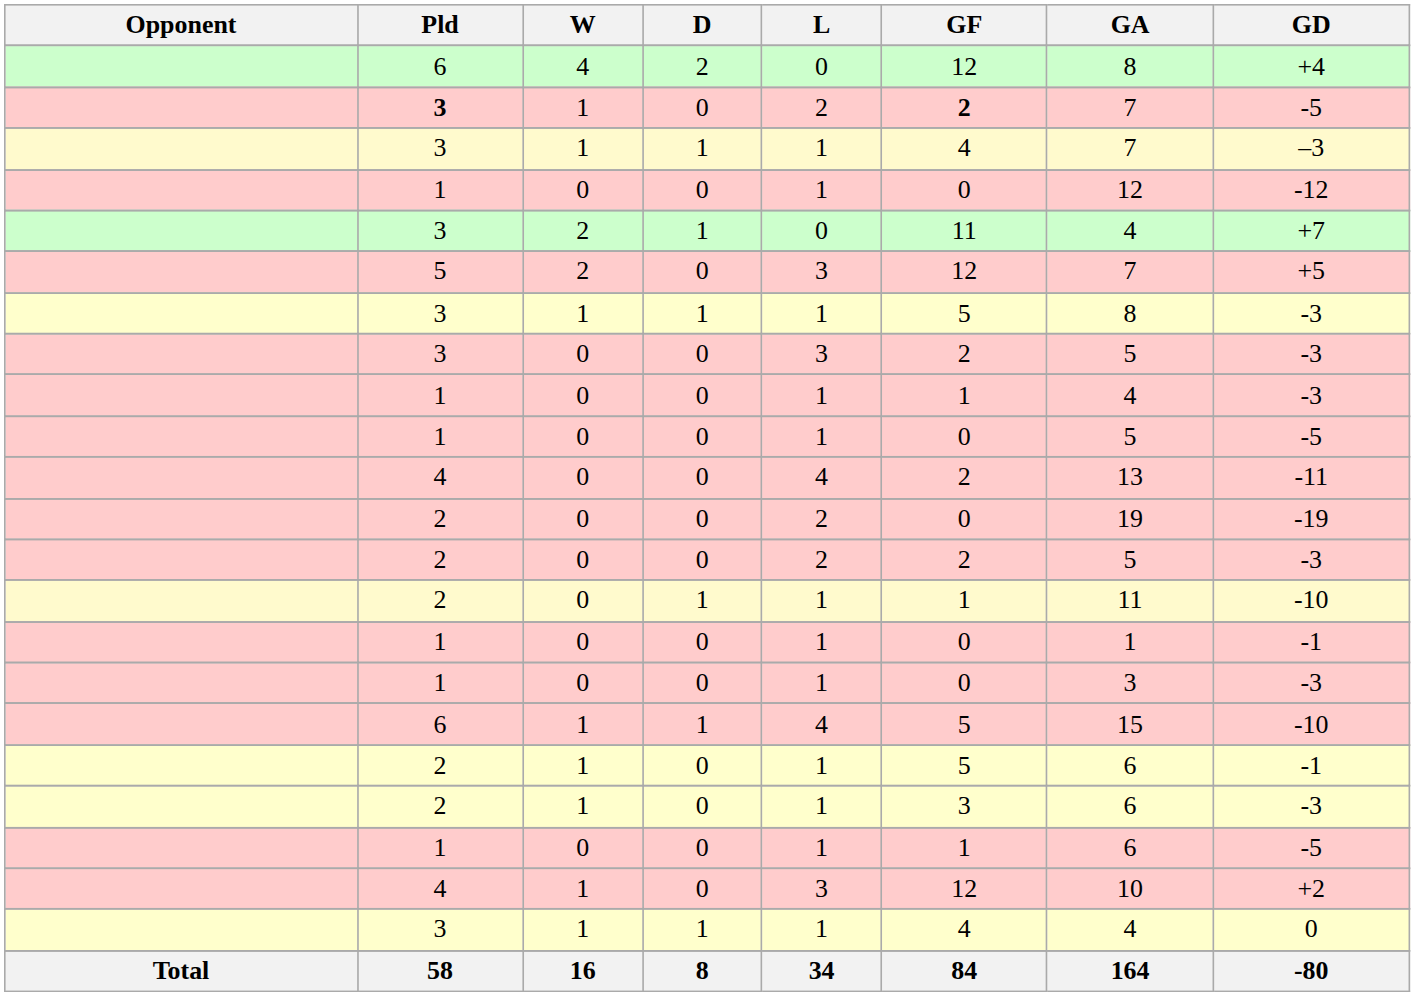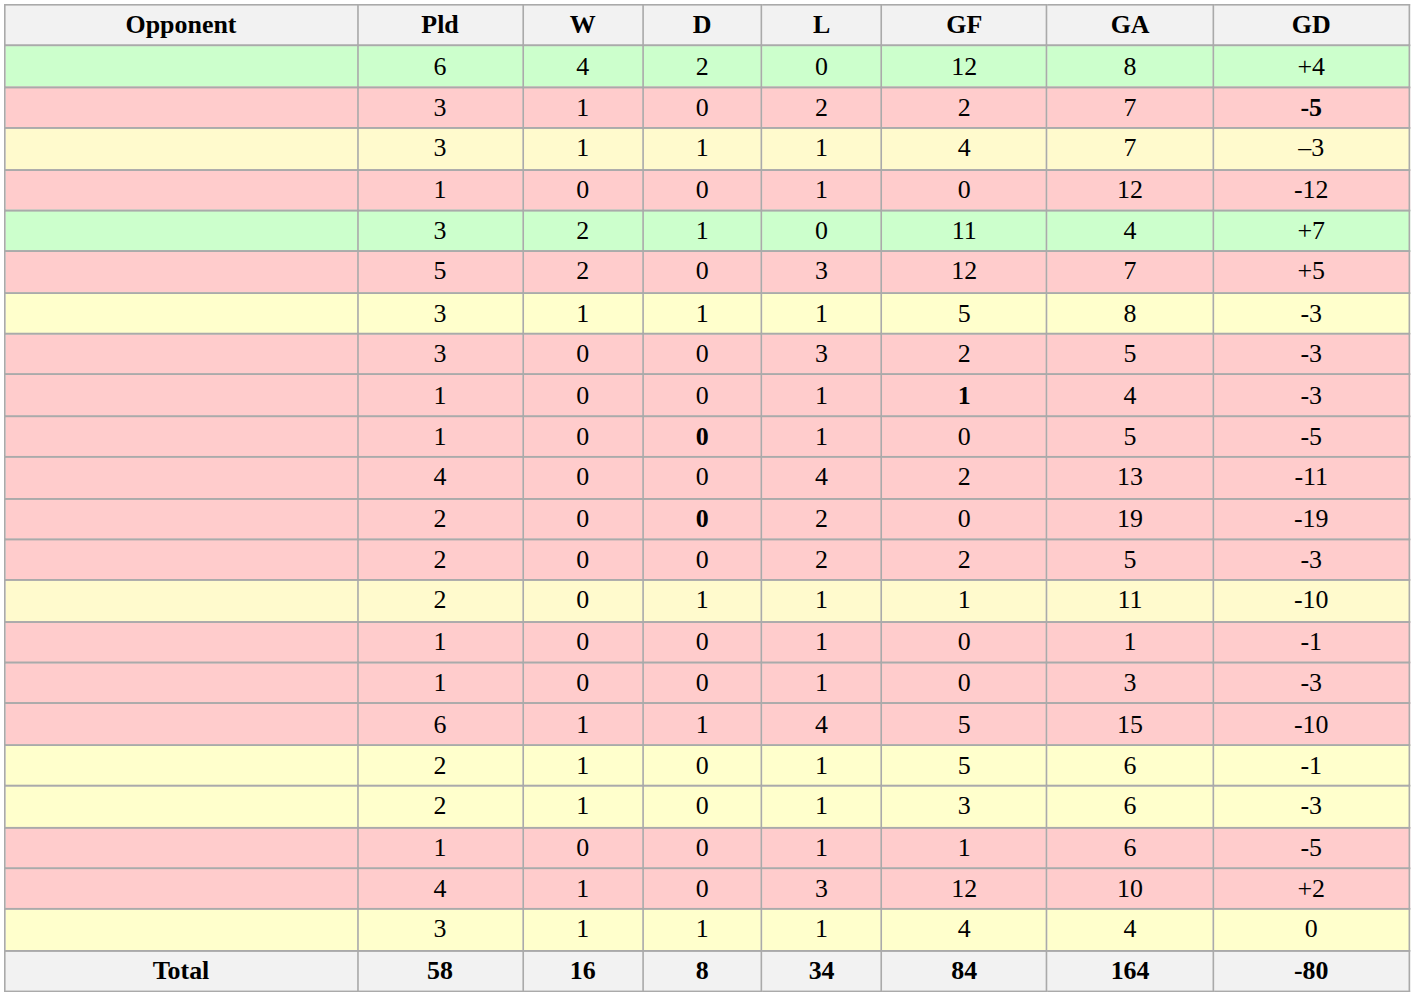 <table class="wikitable" style="text-align: center">
 <tr>
 <th width=220>Opponent<br></th>
 <th width=100>Pld<br></th>
 <th width=70>W<br></th>
 <th width=70>D<br></th>
 <th width=70>L<br></th>
 <th width=100>GF<br></th>
 <th width=100>GA<br></th>
 <th width=120>GD<br></th>
 </tr>
 <tr>
 </tr>
 <tr bgcolor="#CCFFCC">
 <td style="text-align:left;"></td>
 <td>6</td>
 <td>4</td>
 <td>2</td>
 <td>0</td>
 <td>12</td>
 <td>8</td>
 <td>+4</td>
 </tr>
 <tr>
 </tr>
 <tr bgcolor="#FFCCCC">
 <td style="text-align:left;"></td>
-<td><strong>3</strong></td>
+<td>3</td>
 <td>1</td>
 <td>0</td>
 <td>2</td>
-<td><strong>2</strong></td>
+<td>2</td>
 <td>7</td>
-<td>-5</td>
+<td><strong>-5</strong></td>
 </tr>
 <tr>
 </tr>
 <tr bgcolor="#FFFACD">
 <td style="text-align:left;"></td>
 <td>3</td>
 <td>1</td>
 <td>1</td>
 <td>1</td>
 <td>4</td>
 <td>7</td>
 <td>–3</td>
 </tr>
 <tr>
 </tr>
 <tr bgcolor="#FFCCCC">
 <td style="text-align:left;"></td>
 <td>1</td>
 <td>0</td>
 <td>0</td>
 <td>1</td>
 <td>0</td>
 <td>12</td>
 <td>-12</td>
 </tr>
 <tr>
 </tr>
 <tr bgcolor="#CCFFCC">
 <td style="text-align:left;"></td>
 <td>3</td>
 <td>2</td>
 <td>1</td>
 <td>0</td>
 <td>11</td>
 <td>4</td>
 <td>+7</td>
 </tr>
 <tr>
 </tr>
 <tr bgcolor="#FFCCCC">
 <td style="text-align:left;"></td>
 <td>5</td>
 <td>2</td>
 <td>0</td>
 <td>3</td>
 <td>12</td>
 <td>7</td>
 <td>+5</td>
 </tr>
 <tr>
 </tr>
 <tr bgcolor="#FFFFCC">
 <td style="text-align:left;"></td>
 <td>3</td>
 <td>1</td>
 <td>1</td>
 <td>1</td>
 <td>5</td>
 <td>8</td>
 <td>-3</td>
 </tr>
 <tr>
 </tr>
 <tr bgcolor="#FFCCCC">
 <td style="text-align:left;"></td>
 <td>3</td>
 <td>0</td>
 <td>0</td>
 <td>3</td>
 <td>2</td>
 <td>5</td>
 <td>-3</td>
 </tr>
 <tr>
 </tr>
 <tr bgcolor="#FFCCCC">
 <td style="text-align:left;"></td>
 <td>1</td>
 <td>0</td>
 <td>0</td>
 <td>1</td>
-<td>1</td>
+<td><strong>1</strong></td>
 <td>4</td>
 <td>-3</td>
 </tr>
 <tr>
 </tr>
 <tr bgcolor="#FFCCCC">
 <td style="text-align:left;"></td>
 <td>1</td>
 <td>0</td>
-<td>0</td>
+<td><strong>0</strong></td>
 <td>1</td>
 <td>0</td>
 <td>5</td>
 <td>-5</td>
 </tr>
 <tr>
 </tr>
 <tr bgcolor="#FFCCCC">
 <td style="text-align:left;"></td>
 <td>4</td>
 <td>0</td>
 <td>0</td>
 <td>4</td>
 <td>2</td>
 <td>13</td>
 <td>-11</td>
 </tr>
 <tr>
 </tr>
 <tr bgcolor="#FFCCCC">
 <td style="text-align:left;"></td>
 <td>2</td>
 <td>0</td>
-<td>0</td>
+<td><strong>0</strong></td>
 <td>2</td>
 <td>0</td>
 <td>19</td>
 <td>-19</td>
 </tr>
 <tr>
 </tr>
 <tr bgcolor="#FFCCCC">
 <td style="text-align:left;"></td>
 <td>2</td>
 <td>0</td>
 <td>0</td>
 <td>2</td>
 <td>2</td>
 <td>5</td>
 <td>-3</td>
 </tr>
 <tr>
 </tr>
 <tr bgcolor="#FFFACD">
 <td style="text-align:left;"></td>
 <td>2</td>
 <td>0</td>
 <td>1</td>
 <td>1</td>
 <td>1</td>
 <td>11</td>
 <td>-10</td>
 </tr>
 <tr>
 </tr>
 <tr bgcolor="#FFCCCC">
 <td style="text-align:left;"></td>
 <td>1</td>
 <td>0</td>
 <td>0</td>
 <td>1</td>
 <td>0</td>
 <td>1</td>
 <td>-1</td>
 </tr>
 <tr>
 </tr>
 <tr bgcolor="#FFCCCC">
 <td style="text-align:left;"></td>
 <td>1</td>
 <td>0</td>
 <td>0</td>
 <td>1</td>
 <td>0</td>
 <td>3</td>
 <td>-3</td>
 </tr>
 <tr>
 </tr>
 <tr bgcolor="#FFCCCC">
 <td style="text-align:left;"></td>
 <td>6</td>
 <td>1</td>
 <td>1</td>
 <td>4</td>
 <td>5</td>
 <td>15</td>
 <td>-10</td>
 </tr>
 <tr>
 </tr>
 <tr bgcolor="#FFFFCC">
 <td style="text-align:left;"></td>
 <td>2</td>
 <td>1</td>
 <td>0</td>
 <td>1</td>
 <td>5</td>
 <td>6</td>
 <td>-1</td>
 </tr>
 <tr>
 </tr>
 <tr bgcolor="#FFFFCC">
 <td style="text-align:left;"></td>
 <td>2</td>
 <td>1</td>
 <td>0</td>
 <td>1</td>
 <td>3</td>
 <td>6</td>
 <td>-3</td>
 </tr>
 <tr>
 </tr>
 <tr bgcolor="#FFCCCC">
 <td style="text-align:left;"></td>
 <td>1</td>
 <td>0</td>
 <td>0</td>
 <td>1</td>
 <td>1</td>
 <td>6</td>
 <td>-5</td>
 </tr>
 <tr>
 </tr>
 <tr bgcolor="#FFCCCC">
 <td style="text-align:left;"></td>
 <td>4</td>
 <td>1</td>
 <td>0</td>
 <td>3</td>
 <td>12</td>
 <td>10</td>
 <td>+2</td>
 </tr>
 <tr>
 </tr>
 <tr bgcolor="#FFFFCC">
 <td style="text-align:left;"></td>
 <td>3</td>
 <td>1</td>
 <td>1</td>
 <td>1</td>
 <td>4</td>
 <td>4</td>
 <td>0</td>
 </tr>
 <tr>
 </tr>
 <tr class="sortbottom">
 <th>Total</th>
 <th>58</th>
 <th>16</th>
 <th>8</th>
 <th>34</th>
 <th>84</th>
 <th>164</th>
 <th>-80</th>
 </tr>
 </table>
